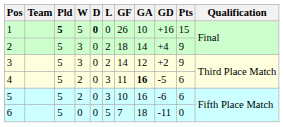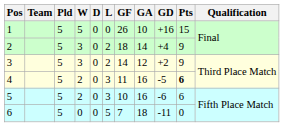 <table class="wikitable" style=" text-align"center;">
 <tr>
 <th>Pos</th>
 <th>Team</th>
 <th>Pld</th>
 <th>W</th>
 <th>D</th>
 <th>L</th>
 <th>GF</th>
 <th>GA</th>
 <th>GD</th>
 <th>Pts</th>
 <th>Qualification</th>
 </tr>
 <tr bgcolor="#CCFFCC">
 <td>1</td>
 <td></td>
-<td><strong>5</strong></td>
 <td>5</td>
-<td><strong>0</strong></td>
+<td>5</td>
+<td>0</td>
 <td>0</td>
 <td>26</td>
 <td>10</td>
 <td>+16</td>
 <td>15</td>
 <td rowspan="2">Final</td>
 </tr>
 <tr bgcolor="#CCFFCC">
 <td>2</td>
 <td></td>
 <td>5</td>
 <td>3</td>
 <td>0</td>
 <td>2</td>
 <td>18</td>
 <td>14</td>
 <td>+4</td>
 <td>9</td>
 </tr>
 <tr bgcolor="#FFD">
 <td>3</td>
 <td></td>
 <td>5</td>
 <td>3</td>
 <td>0</td>
 <td>2</td>
 <td>14</td>
 <td>12</td>
 <td>+2</td>
 <td>9</td>
 <td rowspan="2">Third Place Match</td>
 </tr>
 <tr bgcolor="#FFD">
 <td>4</td>
 <td></td>
 <td>5</td>
 <td>2</td>
 <td>0</td>
 <td>3</td>
 <td>11</td>
-<td><strong>16</strong></td>
+<td>16</td>
 <td>-5</td>
-<td>6</td>
+<td><strong>6</strong></td>
 </tr>
 <tr bgcolor="#CFF">
 <td>5</td>
 <td></td>
 <td>5</td>
 <td>2</td>
 <td>0</td>
 <td>3</td>
 <td>10</td>
 <td>16</td>
 <td>-6</td>
 <td>6</td>
 <td rowspan="2">Fifth Place Match</td>
 </tr>
 <tr bgcolor="#CFF">
 <td>6</td>
 <td></td>
 <td>5</td>
 <td>0</td>
 <td>0</td>
 <td>5</td>
 <td>7</td>
 <td>18</td>
 <td>-11</td>
 <td>0</td>
 </tr>
 </table>
